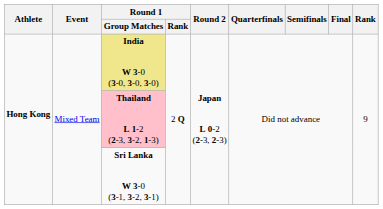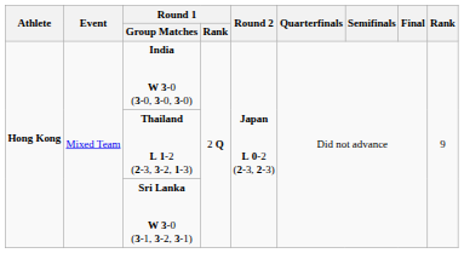 <table class="wikitable" border="1" style="font-size:90%">
 <tr>
 <th rowspan=2>Athlete</th>
 <th rowspan=2>Event</th>
 <th colspan=2>Round 1</th>
 <th rowspan=2>Round 2</th>
 <th rowspan=2>Quarterfinals</th>
 <th rowspan=2>Semifinals</th>
 <th rowspan=2>Final</th>
 <th rowspan=2>Rank</th>
 </tr>
 <tr>
 <th>Group Matches</th>
 <th>Rank</th>
 </tr>
 <tr>
 <td rowspan=3><strong>Hong Kong</strong><br><br></td>
 <td rowspan=3><a href='#'>Mixed Team</a></td>
-<td align=center style="background: khaki;"><strong>India</strong><br><br><br> <strong>W</strong> <strong>3</strong>-0 <br> (<strong>3</strong>-0, <strong>3</strong>-0, <strong>3</strong>-0)</td>
+<td align=center><strong>India</strong><br><br><br> <strong>W</strong> <strong>3</strong>-0 <br> (<strong>3</strong>-0, <strong>3</strong>-0, <strong>3</strong>-0)</td>
 <td rowspan=3 align=center>2 <strong>Q</strong></td>
 <td align=center rowspan=3><strong>Japan</strong><br><br><br> <strong>L</strong> <strong>0</strong>-2 <br> (<strong>2</strong>-3, <strong>2</strong>-3)</td>
 <td rowspan=3 colspan=3 align=center>Did not advance</td>
 <td rowspan=3 align=center>9</td>
 </tr>
 <tr>
-<td align=center style="background: pink;"><strong>Thailand</strong><br><br><br> <strong>L</strong> <strong>1</strong>-2 <br> (<strong>2</strong>-3, <strong>3</strong>-2, <strong>1</strong>-3)</td>
+<td align=center><strong>Thailand</strong><br><br><br> <strong>L</strong> <strong>1</strong>-2 <br> (<strong>2</strong>-3, <strong>3</strong>-2, <strong>1</strong>-3)</td>
 </tr>
 <tr>
 <td align=center><strong>Sri Lanka</strong><br><br><br> <strong>W</strong> <strong>3</strong>-0 <br> (<strong>3</strong>-1, <strong>3</strong>-2, <strong>3</strong>-1)</td>
 </tr>
 </table>
